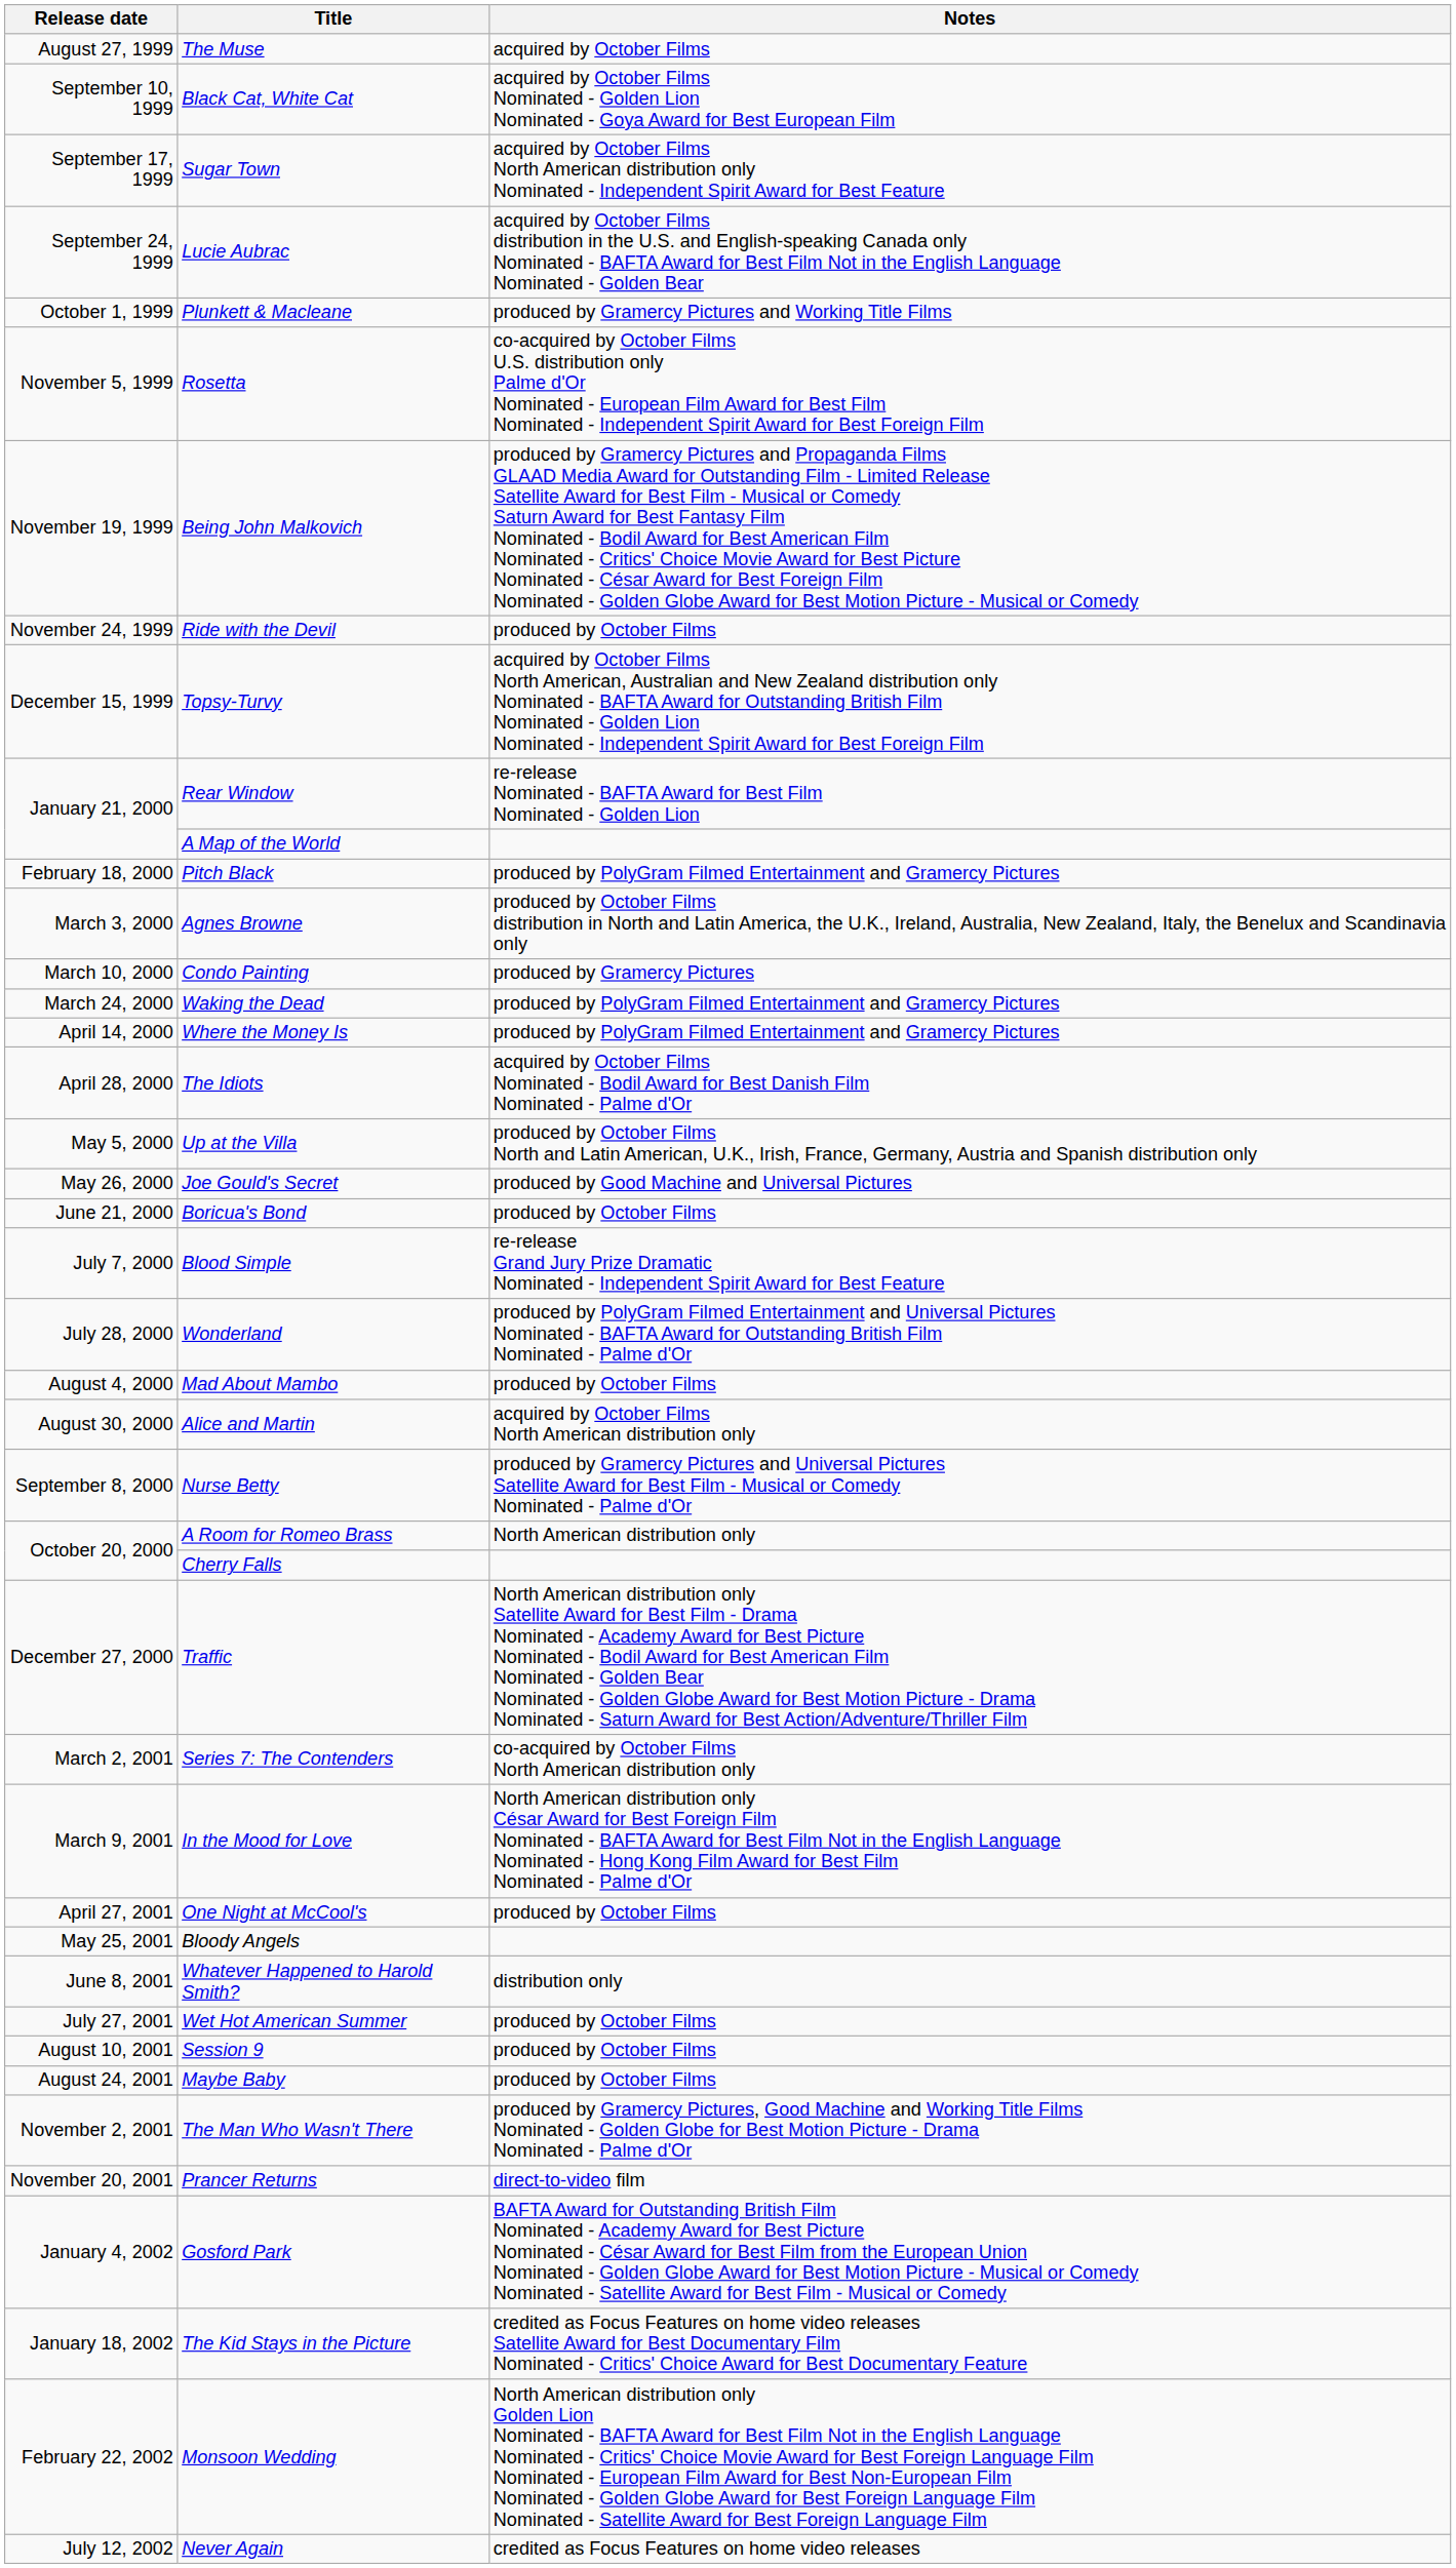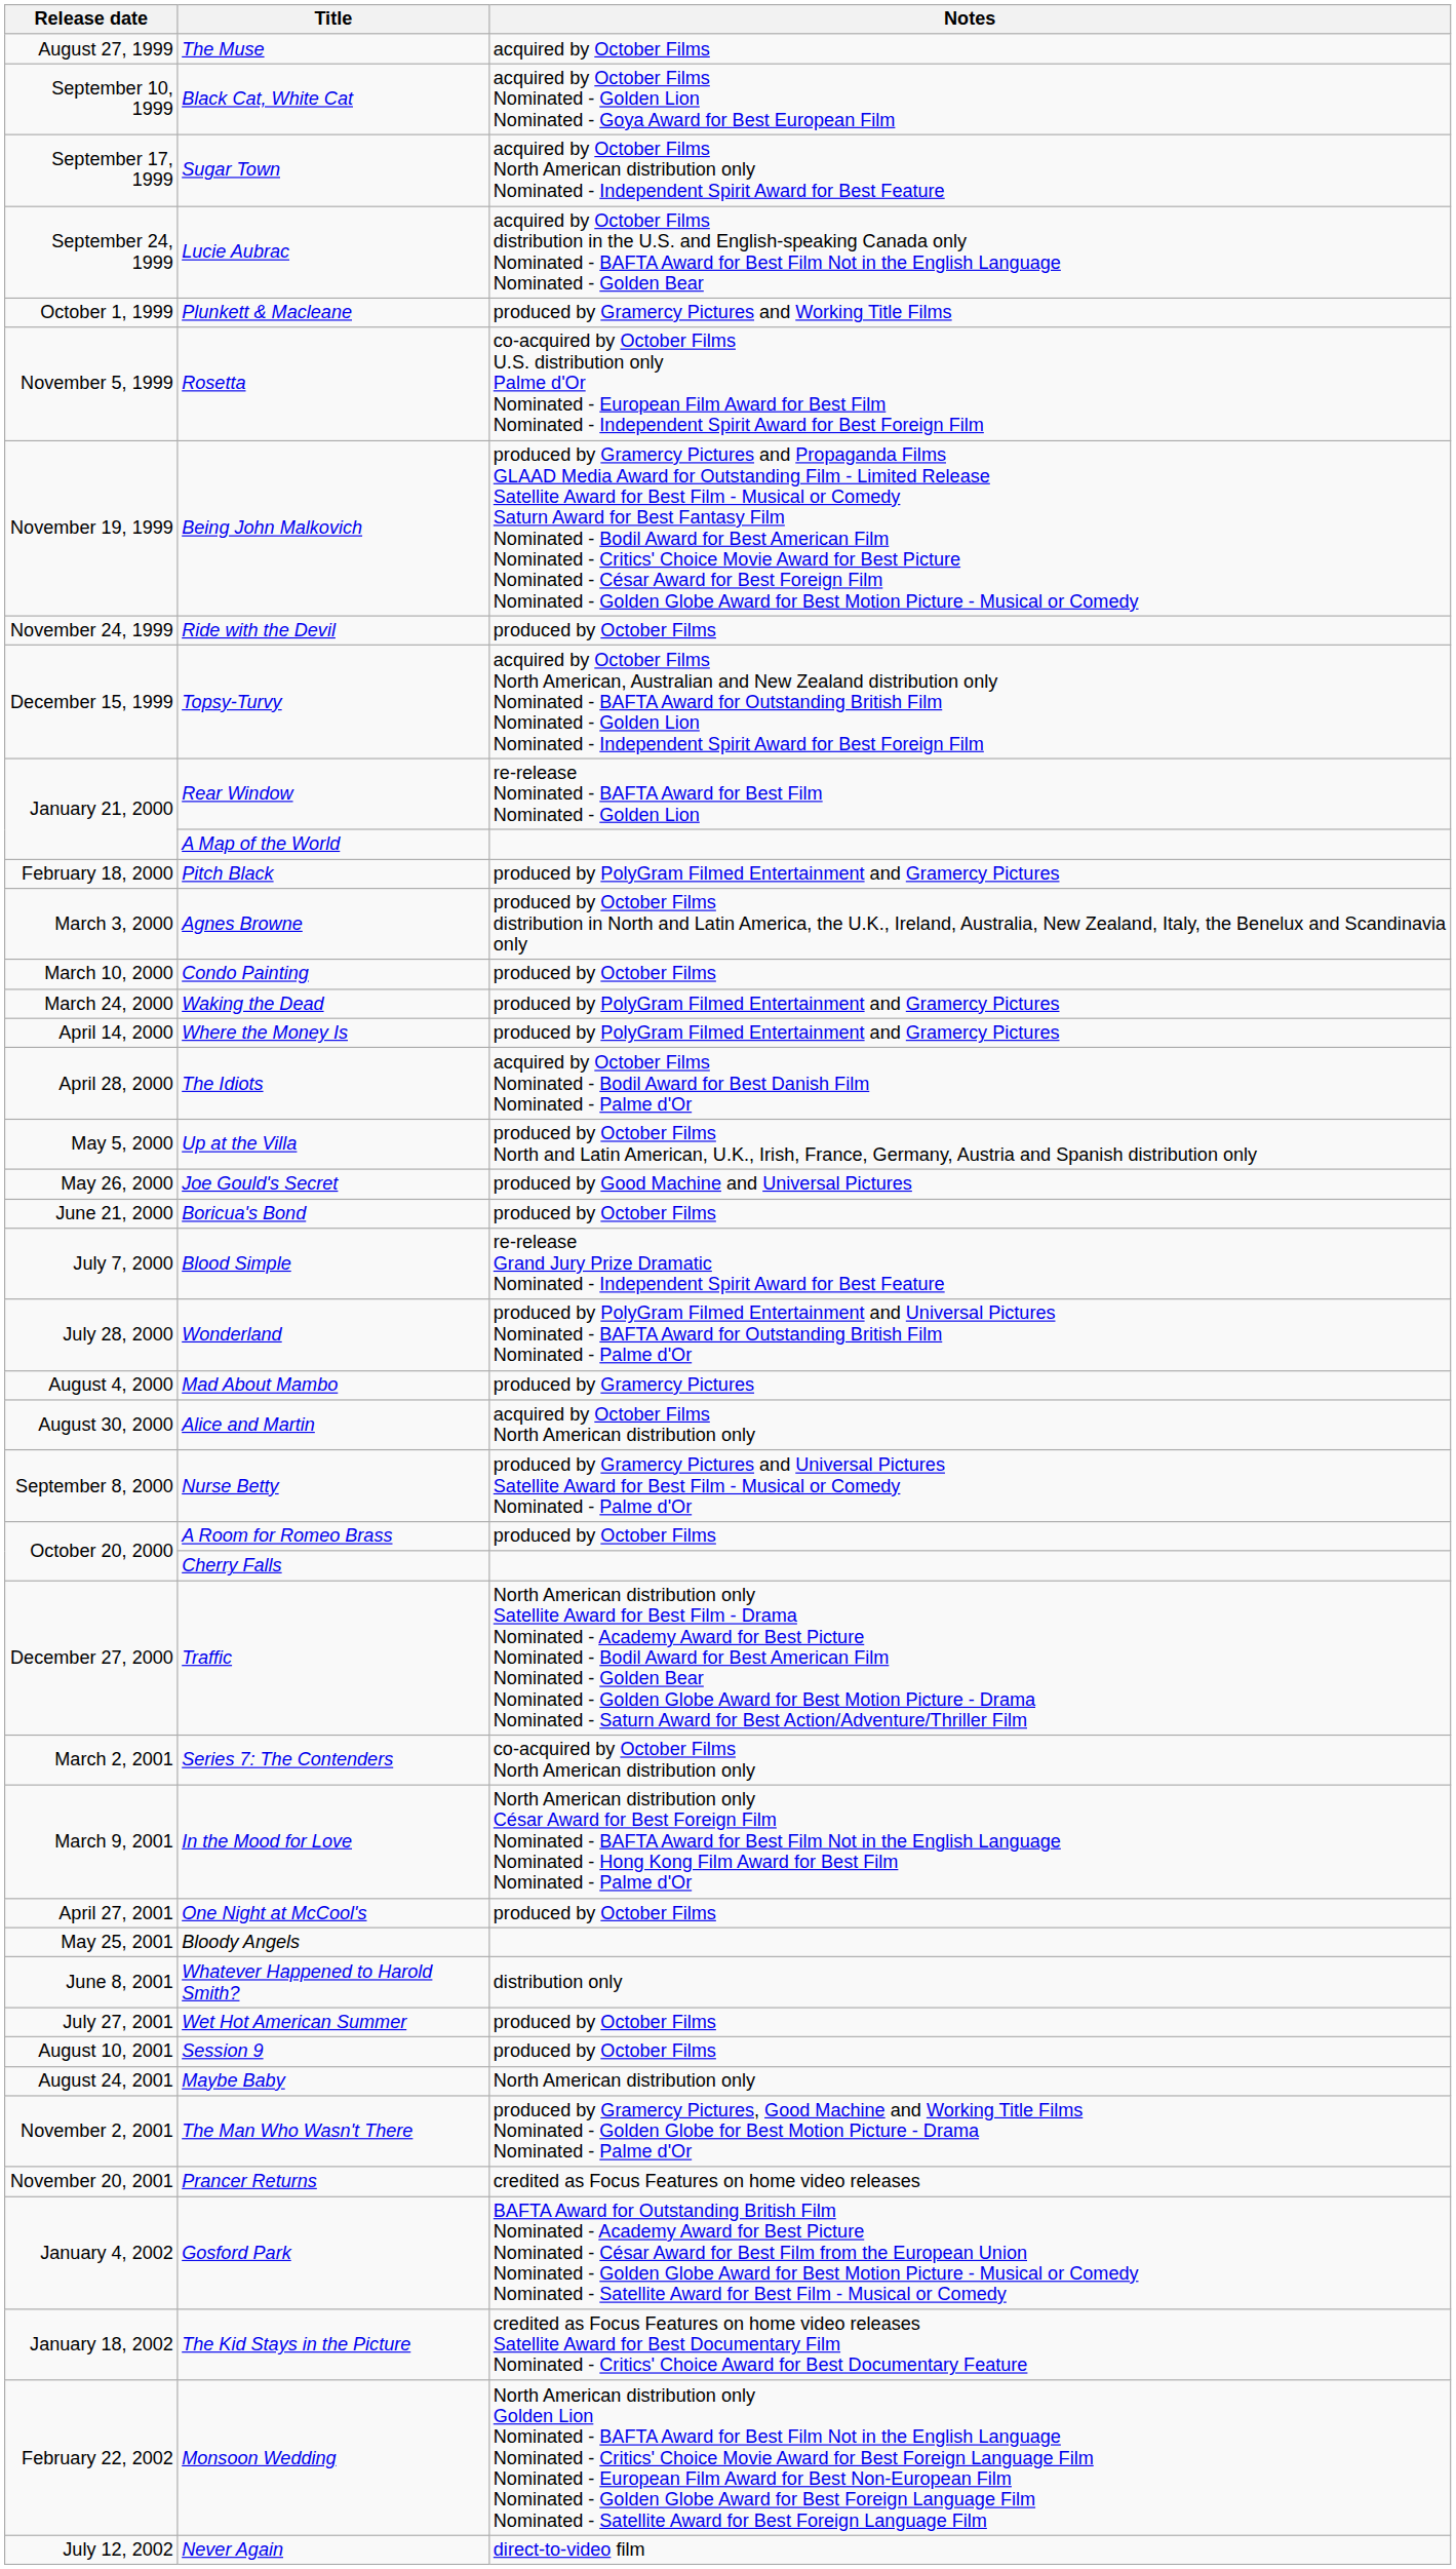 <table class="wikitable sortable">
 <tr>
 <th>Release date</th>
 <th>Title</th>
 <th>Notes</th>
 </tr>
 <tr>
 <td align="right">August 27, 1999</td>
 <td><em><a href='#'>The Muse</a></em></td>
 <td>acquired by <a href='#'>October Films</a></td>
 </tr>
 <tr>
 <td align="right">September 10, 1999</td>
 <td><em><a href='#'>Black Cat, White Cat</a></em></td>
 <td>acquired by <a href='#'>October Films</a><br>Nominated - <a href='#'>Golden Lion</a><br>Nominated - <a href='#'>Goya Award for Best European Film</a></td>
 </tr>
 <tr>
 <td align="right">September 17, 1999</td>
 <td><em><a href='#'>Sugar Town</a></em></td>
 <td>acquired by <a href='#'>October Films</a><br>North American distribution only<br>Nominated - <a href='#'>Independent Spirit Award for Best Feature</a></td>
 </tr>
 <tr>
 <td align="right">September 24, 1999</td>
 <td><em><a href='#'>Lucie Aubrac</a></em></td>
 <td>acquired by <a href='#'>October Films</a><br>distribution in the U.S. and English-speaking Canada only<br>Nominated - <a href='#'>BAFTA Award for Best Film Not in the English Language</a><br>Nominated - <a href='#'>Golden Bear</a></td>
 </tr>
 <tr>
 <td align="right">October 1, 1999</td>
 <td><em><a href='#'>Plunkett & Macleane</a></em></td>
 <td>produced by <a href='#'>Gramercy Pictures</a> and <a href='#'>Working Title Films</a></td>
 </tr>
 <tr>
 <td align="right">November 5, 1999</td>
 <td><em><a href='#'>Rosetta</a></em></td>
 <td>co-acquired by <a href='#'>October Films</a><br>U.S. distribution only<br><a href='#'>Palme d'Or</a><br>Nominated - <a href='#'>European Film Award for Best Film</a><br>Nominated - <a href='#'>Independent Spirit Award for Best Foreign Film</a></td>
 </tr>
 <tr>
 <td align="right">November 19, 1999</td>
 <td><em><a href='#'>Being John Malkovich</a></em></td>
 <td>produced by <a href='#'>Gramercy Pictures</a> and <a href='#'>Propaganda Films</a><br><a href='#'>GLAAD Media Award for Outstanding Film - Limited Release</a><br><a href='#'>Satellite Award for Best Film - Musical or Comedy</a><br><a href='#'>Saturn Award for Best Fantasy Film</a><br>Nominated - <a href='#'>Bodil Award for Best American Film</a><br>Nominated - <a href='#'>Critics' Choice Movie Award for Best Picture</a><br>Nominated - <a href='#'>César Award for Best Foreign Film</a><br>Nominated - <a href='#'>Golden Globe Award for Best Motion Picture - Musical or Comedy</a></td>
 </tr>
 <tr>
 <td align="right">November 24, 1999</td>
 <td><em><a href='#'>Ride with the Devil</a></em></td>
 <td>produced by <a href='#'>October Films</a></td>
 </tr>
 <tr>
 <td align="right">December 15, 1999</td>
 <td><em><a href='#'>Topsy-Turvy</a></em></td>
 <td>acquired by <a href='#'>October Films</a><br>North American, Australian and New Zealand distribution only<br>Nominated - <a href='#'>BAFTA Award for Outstanding British Film</a><br>Nominated - <a href='#'>Golden Lion</a><br>Nominated - <a href='#'>Independent Spirit Award for Best Foreign Film</a></td>
 </tr>
 <tr>
 <td align="right" rowspan="2">January 21, 2000</td>
 <td><em><a href='#'>Rear Window</a></em></td>
 <td>re-release<br>Nominated - <a href='#'>BAFTA Award for Best Film</a><br>Nominated - <a href='#'>Golden Lion</a></td>
 </tr>
 <tr>
 <td><em><a href='#'>A Map of the World</a></em></td>
 </tr>
 <tr>
 <td align="right">February 18, 2000</td>
 <td><em><a href='#'>Pitch Black</a></em></td>
 <td>produced by <a href='#'>PolyGram Filmed Entertainment</a> and <a href='#'>Gramercy Pictures</a></td>
 </tr>
 <tr>
 <td align="right">March 3, 2000</td>
 <td><em><a href='#'>Agnes Browne</a></em></td>
 <td>produced by <a href='#'>October Films</a><br>distribution in North and Latin America, the U.K., Ireland, Australia, New Zealand, Italy, the Benelux and Scandinavia only</td>
 </tr>
 <tr>
 <td align="right">March 10, 2000</td>
 <td><em><a href='#'>Condo Painting</a></em></td>
-<td>produced by <a href='#'>Gramercy Pictures</a></td>
+<td>produced by <a href='#'>October Films</a></td>
 </tr>
 <tr>
 <td align="right">March 24, 2000</td>
 <td><em><a href='#'>Waking the Dead</a></em></td>
 <td>produced by <a href='#'>PolyGram Filmed Entertainment</a> and <a href='#'>Gramercy Pictures</a></td>
 </tr>
 <tr>
 <td align="right">April 14, 2000</td>
 <td><em><a href='#'>Where the Money Is</a></em></td>
 <td>produced by <a href='#'>PolyGram Filmed Entertainment</a> and <a href='#'>Gramercy Pictures</a></td>
 </tr>
 <tr>
 <td align="right">April 28, 2000</td>
 <td><em><a href='#'>The Idiots</a></em></td>
 <td>acquired by <a href='#'>October Films</a><br>Nominated - <a href='#'>Bodil Award for Best Danish Film</a><br>Nominated - <a href='#'>Palme d'Or</a></td>
 </tr>
 <tr>
 <td align="right">May 5, 2000</td>
 <td><em><a href='#'>Up at the Villa</a></em></td>
 <td>produced by <a href='#'>October Films</a><br>North and Latin American, U.K., Irish, France, Germany, Austria and Spanish distribution only</td>
 </tr>
 <tr>
 <td align="right">May 26, 2000</td>
 <td><em><a href='#'>Joe Gould's Secret</a></em></td>
 <td>produced by <a href='#'>Good Machine</a> and <a href='#'>Universal Pictures</a></td>
 </tr>
 <tr>
 <td align="right">June 21, 2000</td>
 <td><em><a href='#'>Boricua's Bond</a></em></td>
 <td>produced by <a href='#'>October Films</a></td>
 </tr>
 <tr>
 <td align="right">July 7, 2000</td>
 <td><em><a href='#'>Blood Simple</a></em></td>
 <td>re-release<br><a href='#'>Grand Jury Prize Dramatic</a><br>Nominated - <a href='#'>Independent Spirit Award for Best Feature</a></td>
 </tr>
 <tr>
 <td align="right">July 28, 2000</td>
 <td><em><a href='#'>Wonderland</a></em></td>
 <td>produced by <a href='#'>PolyGram Filmed Entertainment</a> and <a href='#'>Universal Pictures</a><br>Nominated - <a href='#'>BAFTA Award for Outstanding British Film</a><br>Nominated - <a href='#'>Palme d'Or</a></td>
 </tr>
 <tr>
 <td align="right">August 4, 2000</td>
 <td><em><a href='#'>Mad About Mambo</a></em></td>
-<td>produced by <a href='#'>October Films</a></td>
+<td>produced by <a href='#'>Gramercy Pictures</a></td>
 </tr>
 <tr>
 <td align="right">August 30, 2000</td>
 <td><em><a href='#'>Alice and Martin</a></em></td>
 <td>acquired by <a href='#'>October Films</a><br>North American distribution only</td>
 </tr>
 <tr>
 <td align="right">September 8, 2000</td>
 <td><em><a href='#'>Nurse Betty</a></em></td>
 <td>produced by <a href='#'>Gramercy Pictures</a> and <a href='#'>Universal Pictures</a><br><a href='#'>Satellite Award for Best Film - Musical or Comedy</a><br>Nominated - <a href='#'>Palme d'Or</a></td>
 </tr>
 <tr>
 <td align="right" rowspan="2">October 20, 2000</td>
 <td><em><a href='#'>A Room for Romeo Brass</a></em></td>
-<td>North American distribution only</td>
+<td>produced by <a href='#'>October Films</a></td>
 </tr>
 <tr>
 <td><em><a href='#'>Cherry Falls</a></em></td>
 <td></td>
 </tr>
 <tr>
 <td align="right">December 27, 2000</td>
 <td><em><a href='#'>Traffic</a></em></td>
 <td>North American distribution only<br><a href='#'>Satellite Award for Best Film - Drama</a><br>Nominated - <a href='#'>Academy Award for Best Picture</a><br>Nominated - <a href='#'>Bodil Award for Best American Film</a><br>Nominated - <a href='#'>Golden Bear</a><br>Nominated - <a href='#'>Golden Globe Award for Best Motion Picture - Drama</a><br>Nominated - <a href='#'>Saturn Award for Best Action/Adventure/Thriller Film</a></td>
 </tr>
 <tr>
 <td align="right">March 2, 2001</td>
 <td><em><a href='#'>Series 7: The Contenders</a></em></td>
 <td>co-acquired by <a href='#'>October Films</a><br>North American distribution only</td>
 </tr>
 <tr>
 <td align="right">March 9, 2001</td>
 <td><em><a href='#'>In the Mood for Love</a></em></td>
 <td>North American distribution only<br><a href='#'>César Award for Best Foreign Film</a><br>Nominated - <a href='#'>BAFTA Award for Best Film Not in the English Language</a><br>Nominated - <a href='#'>Hong Kong Film Award for Best Film</a><br>Nominated - <a href='#'>Palme d'Or</a></td>
 </tr>
 <tr>
 <td align="right">April 27, 2001</td>
 <td><em><a href='#'>One Night at McCool's</a></em></td>
 <td>produced by <a href='#'>October Films</a></td>
 </tr>
 <tr>
 <td align="right">May 25, 2001</td>
 <td><em>Bloody Angels</em></td>
 <td></td>
 </tr>
 <tr>
 <td align="right">June 8, 2001</td>
 <td><em><a href='#'>Whatever Happened to Harold Smith?</a></em></td>
 <td>distribution only</td>
 </tr>
 <tr>
 <td align="right">July 27, 2001</td>
 <td><em><a href='#'>Wet Hot American Summer</a></em></td>
 <td>produced by <a href='#'>October Films</a></td>
 </tr>
 <tr>
 <td align="right">August 10, 2001</td>
 <td><em><a href='#'>Session 9</a></em></td>
 <td>produced by <a href='#'>October Films</a></td>
 </tr>
 <tr>
 <td align="right">August 24, 2001</td>
 <td><em><a href='#'>Maybe Baby</a></em></td>
-<td>produced by <a href='#'>October Films</a></td>
+<td>North American distribution only</td>
 </tr>
 <tr>
 <td align="right">November 2, 2001</td>
 <td><em><a href='#'>The Man Who Wasn't There</a></em></td>
 <td>produced by <a href='#'>Gramercy Pictures</a>, <a href='#'>Good Machine</a> and <a href='#'>Working Title Films</a><br>Nominated - <a href='#'>Golden Globe for Best Motion Picture - Drama</a><br>Nominated - <a href='#'>Palme d'Or</a></td>
 </tr>
 <tr>
 <td align="right">November 20, 2001</td>
 <td><em><a href='#'>Prancer Returns</a></em></td>
-<td> <a href='#'>direct-to-video</a> film</td>
+<td>credited as Focus Features on home video releases</td>
 </tr>
 <tr>
 <td align="right">January 4, 2002</td>
 <td><em><a href='#'>Gosford Park</a></em></td>
 <td><a href='#'>BAFTA Award for Outstanding British Film</a><br>Nominated - <a href='#'>Academy Award for Best Picture</a><br>Nominated - <a href='#'>César Award for Best Film from the European Union</a><br>Nominated - <a href='#'>Golden Globe Award for Best Motion Picture - Musical or Comedy</a><br>Nominated - <a href='#'>Satellite Award for Best Film - Musical or Comedy</a></td>
 </tr>
 <tr>
 <td align="right">January 18, 2002</td>
 <td><em><a href='#'>The Kid Stays in the Picture</a></em></td>
 <td>credited as Focus Features on home video releases<br><a href='#'>Satellite Award for Best Documentary Film</a><br>Nominated - <a href='#'>Critics' Choice Award for Best Documentary Feature</a></td>
 </tr>
 <tr>
 <td align="right">February 22, 2002</td>
 <td><em><a href='#'>Monsoon Wedding</a></em></td>
 <td>North American distribution only<br><a href='#'>Golden Lion</a><br>Nominated - <a href='#'>BAFTA Award for Best Film Not in the English Language</a><br>Nominated - <a href='#'>Critics' Choice Movie Award for Best Foreign Language Film</a><br>Nominated - <a href='#'>European Film Award for Best Non-European Film</a><br>Nominated - <a href='#'>Golden Globe Award for Best Foreign Language Film</a><br>Nominated - <a href='#'>Satellite Award for Best Foreign Language Film</a></td>
 </tr>
 <tr>
 <td align="right">July 12, 2002</td>
 <td><em><a href='#'>Never Again</a></em></td>
-<td>credited as Focus Features on home video releases</td>
+<td> <a href='#'>direct-to-video</a> film</td>
 </tr>
 </table>
